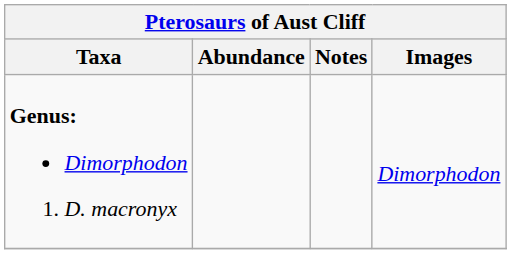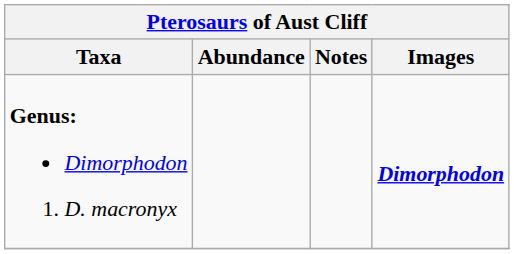 <table class="wikitable" align="center">
 <tr>
 <th colspan="5" align="center"><strong><a href='#'>Pterosaurs</a> of Aust Cliff</strong></th>
 </tr>
 <tr>
 <th>Taxa</th>
 <th>Abundance</th>
 <th>Notes</th>
 <th>Images</th>
 </tr>
 <tr>
 <td><br><strong>Genus:</strong><ul><li><em><a href='#'>Dimorphodon</a></em></li></ul><ol><li><em>D. macronyx</em></li></ol></td>
 <td></td>
 <td></td>
-<td><br><em><a href='#'>Dimorphodon</a></em></td>
+<td><strong><br><em><a href='#'>Dimorphodon</a></em></strong></td>
 </tr>
 <tr>
 </tr>
 </table>
